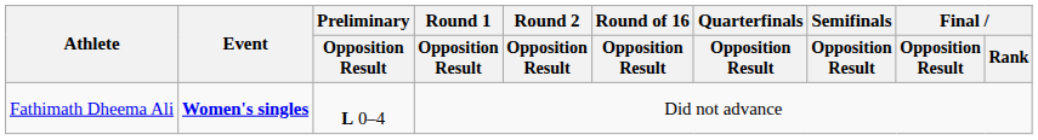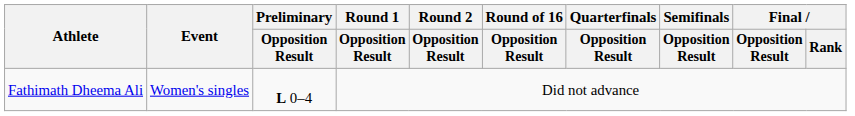 <table class=wikitable style=font-size:90%;text-align:center>
 <tr>
 <th rowspan=2>Athlete</th>
 <th rowspan=2>Event</th>
 <th>Preliminary</th>
 <th>Round 1</th>
 <th>Round 2</th>
 <th>Round of 16</th>
 <th>Quarterfinals</th>
 <th>Semifinals</th>
 <th colspan=2>Final / </th>
 </tr>
 <tr style=font-size:95%>
 <th>Opposition<br>Result</th>
 <th>Opposition<br>Result</th>
 <th>Opposition<br>Result</th>
 <th>Opposition<br>Result</th>
 <th>Opposition<br>Result</th>
 <th>Opposition<br>Result</th>
 <th>Opposition<br>Result</th>
 <th>Rank</th>
 </tr>
 <tr>
 <td align=left><a href='#'>Fathimath Dheema Ali</a></td>
-<td align=left><strong><a href='#'>Women's singles</a></strong></td>
+<td align=left><a href='#'>Women's singles</a></td>
 <td><br><strong>L</strong> 0–4</td>
 <td colspan=7>Did not advance</td>
 </tr>
 </table>
